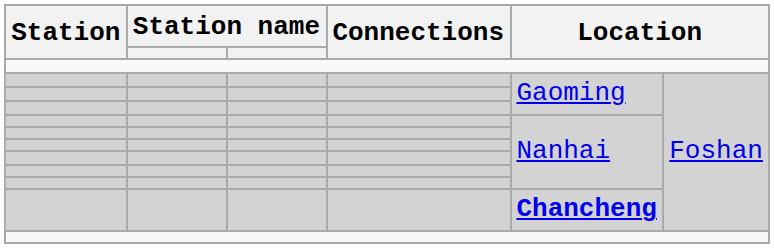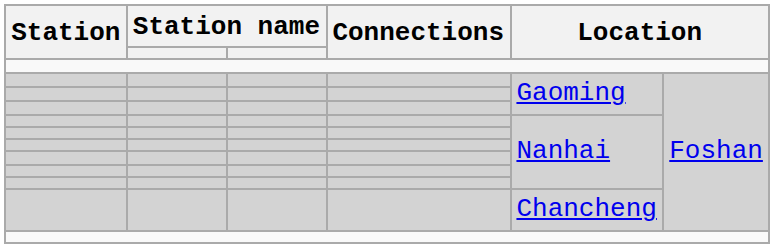 <table class="wikitable">
 <tr>
 <th rowspan=2>Station</th>
 <th colspan=2>Station name</th>
 <th rowspan=2>Connections</th>
 <th colspan=2 rowspan=2>Location</th>
 </tr>
 <tr>
 <th></th>
 <th></th>
 </tr>
 <tr style="background:#">
 <td colspan=6></td>
 </tr>
 <tr bgcolor=lightgrey>
 <td></td>
 <td></td>
 <td></td>
 <td></td>
 <td rowspan=3><a href='#'>Gaoming</a></td>
 <td rowspan=10><a href='#'>Foshan</a></td>
 </tr>
 <tr bgcolor=lightgrey>
 <td></td>
 <td></td>
 <td></td>
 <td></td>
 </tr>
 <tr bgcolor=lightgrey>
 <td></td>
 <td></td>
 <td></td>
 <td></td>
 </tr>
 <tr bgcolor=lightgrey>
 <td></td>
 <td></td>
 <td></td>
 <td></td>
 <td rowspan=6><a href='#'>Nanhai</a></td>
 </tr>
 <tr bgcolor=lightgrey>
 <td></td>
 <td></td>
 <td></td>
 <td></td>
 </tr>
 <tr bgcolor=lightgrey>
 <td></td>
 <td></td>
 <td></td>
 <td></td>
 </tr>
 <tr bgcolor=lightgrey>
 <td></td>
 <td></td>
 <td></td>
 <td></td>
 </tr>
 <tr bgcolor=lightgrey>
 <td></td>
 <td></td>
 <td></td>
 <td></td>
 </tr>
 <tr bgcolor=lightgrey>
 <td></td>
 <td></td>
 <td></td>
 <td></td>
 </tr>
 <tr bgcolor=lightgrey>
 <td></td>
 <td></td>
 <td></td>
 <td></td>
-<td><strong><a href='#'>Chancheng</a></strong></td>
+<td><a href='#'>Chancheng</a></td>
 </tr>
 <tr style="background:#">
 <td colspan=6></td>
 </tr>
 </table>
